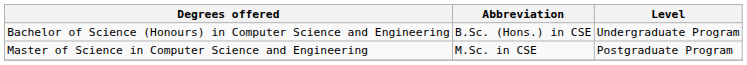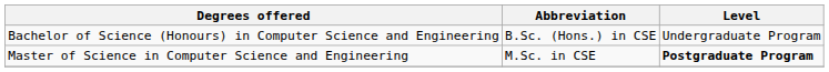 <table class="wikitable">
 <tr>
 <th>Degrees offered</th>
 <th>Abbreviation</th>
 <th>Level</th>
 </tr>
 <tr>
 <td>Bachelor of Science (Honours) in Computer Science and Engineering</td>
 <td>B.Sc. (Hons.) in CSE</td>
 <td>Undergraduate Program</td>
 </tr>
 <tr>
 <td>Master of Science in Computer Science and Engineering</td>
 <td>M.Sc. in CSE</td>
-<td>Postgraduate Program</td>
+<td><strong>Postgraduate Program</strong></td>
 </tr>
 <tr>
 </tr>
 </table>
